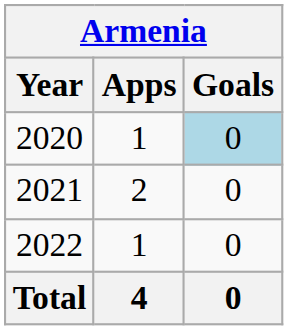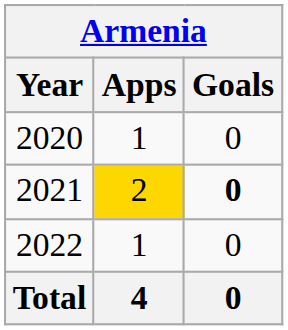 <table class="wikitable" style="text-align:center">
 <tr>
 <th colspan=4><a href='#'>Armenia</a></th>
 </tr>
 <tr>
 <th>Year</th>
 <th>Apps</th>
 <th>Goals</th>
 </tr>
 <tr>
 <td>2020</td>
 <td>1</td>
-<td style="background: lightblue;">0</td>
+<td>0</td>
 </tr>
 <tr>
 <td>2021</td>
-<td>2</td>
-<td>0</td>
+<td style="background: gold;">2</td>
+<td><strong>0</strong></td>
 </tr>
 <tr>
 <td>2022</td>
 <td>1</td>
 <td>0</td>
 </tr>
 <tr>
 <th>Total</th>
 <th>4</th>
 <th>0</th>
 </tr>
 </table>
